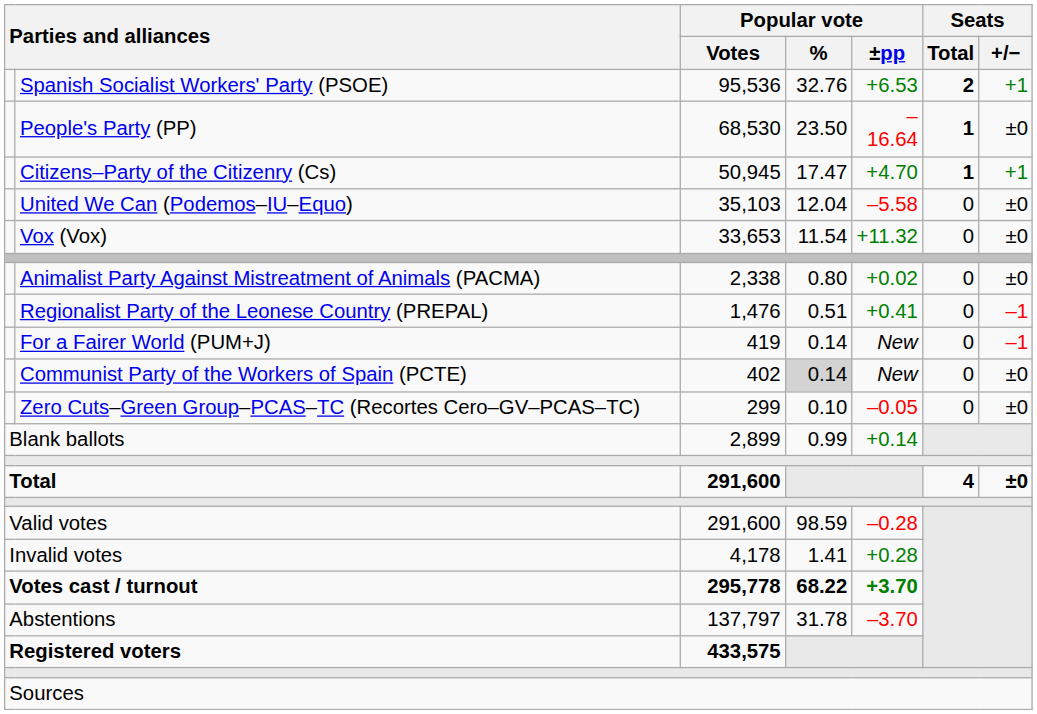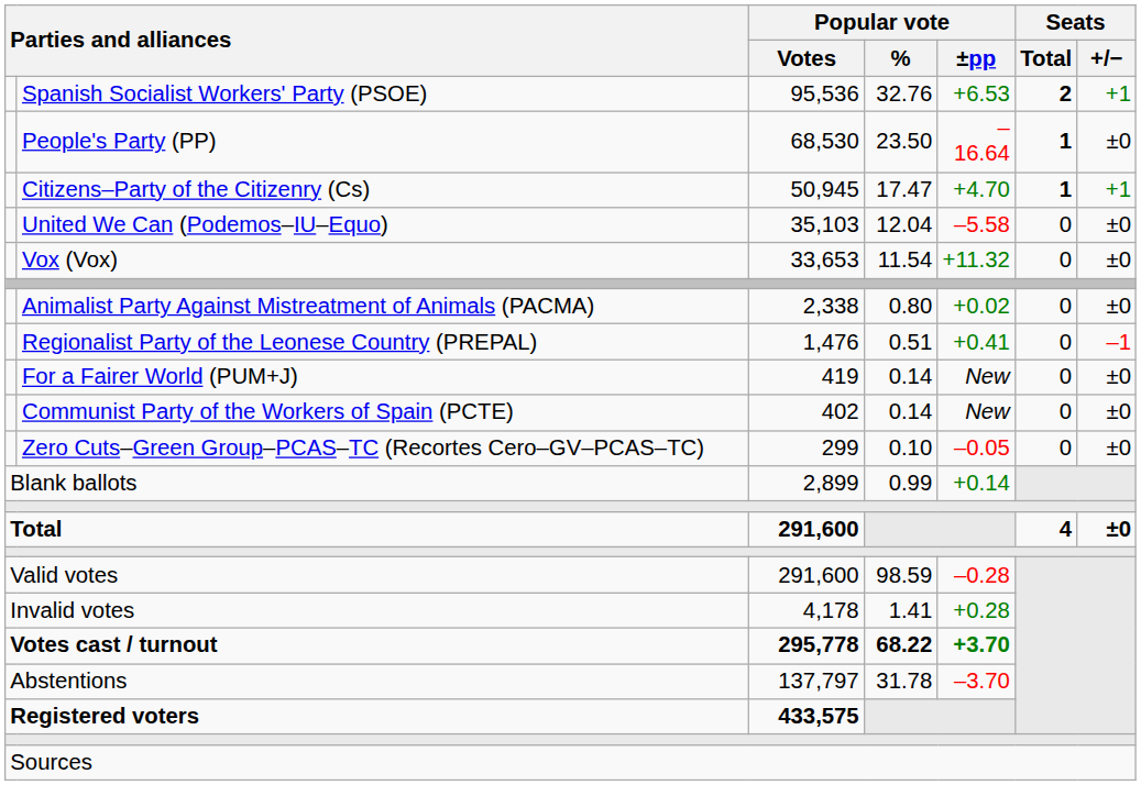 <table class="wikitable" style="text-align:right;">
 <tr>
 <th style="text-align:left;" rowspan="2" colspan="2" width="525">Parties and alliances</th>
 <th colspan="3">Popular vote</th>
 <th colspan="2">Seats</th>
 </tr>
 <tr>
 <th width="75">Votes</th>
 <th width="45">%</th>
 <th width="45">±<a href='#'>pp</a></th>
 <th width="35">Total</th>
 <th width="35">+/−</th>
 </tr>
 <tr>
 <td width="1" style="color:inherit;background:"></td>
 <td align="left"><a href='#'>Spanish Socialist Workers' Party</a> (PSOE)</td>
 <td>95,536</td>
 <td>32.76</td>
 <td style="color:green;">+6.53</td>
 <td><strong>2</strong></td>
 <td style="color:green;">+1</td>
 </tr>
 <tr>
 <td style="color:inherit;background:"></td>
 <td align="left"><a href='#'>People's Party</a> (PP)</td>
 <td>68,530</td>
 <td>23.50</td>
 <td style="color:red;">–16.64</td>
 <td><strong>1</strong></td>
 <td>±0</td>
 </tr>
 <tr>
 <td style="color:inherit;background:"></td>
 <td align="left"><a href='#'>Citizens–Party of the Citizenry</a> (Cs)</td>
 <td>50,945</td>
 <td>17.47</td>
 <td style="color:green;">+4.70</td>
 <td><strong>1</strong></td>
 <td style="color:green;">+1</td>
 </tr>
 <tr>
 <td style="color:inherit;background:"></td>
 <td align="left"><a href='#'>United We Can</a> (<a href='#'>Podemos</a>–<a href='#'>IU</a>–<a href='#'>Equo</a>)</td>
 <td>35,103</td>
 <td>12.04</td>
 <td style="color:red;">–5.58</td>
 <td>0</td>
 <td>±0</td>
 </tr>
 <tr>
 <td style="color:inherit;background:"></td>
 <td align="left"><a href='#'>Vox</a> (Vox)</td>
 <td>33,653</td>
 <td>11.54</td>
 <td style="color:green;">+11.32</td>
 <td>0</td>
 <td>±0</td>
 </tr>
 <tr>
 <td colspan="7" bgcolor="#C0C0C0"></td>
 </tr>
 <tr>
 <td style="color:inherit;background:"></td>
 <td align="left"><a href='#'>Animalist Party Against Mistreatment of Animals</a> (PACMA)</td>
 <td>2,338</td>
 <td>0.80</td>
 <td style="color:green;">+0.02</td>
 <td>0</td>
 <td>±0</td>
 </tr>
 <tr>
 <td style="color:inherit;background:"></td>
 <td align="left"><a href='#'>Regionalist Party of the Leonese Country</a> (PREPAL)</td>
 <td>1,476</td>
 <td>0.51</td>
 <td style="color:green;">+0.41</td>
 <td>0</td>
 <td style="color:red;">–1</td>
 </tr>
 <tr>
 <td style="color:inherit;background:"></td>
 <td align="left"><a href='#'>For a Fairer World</a> (PUM+J)</td>
 <td>419</td>
 <td>0.14</td>
 <td><em>New</em></td>
 <td>0</td>
-<td style="color:red;">–1</td>
+<td>±0</td>
 </tr>
 <tr>
 <td style="color:inherit;background:"></td>
 <td align="left"><a href='#'>Communist Party of the Workers of Spain</a> (PCTE)</td>
 <td>402</td>
-<td style="background: lightgrey;">0.14</td>
+<td>0.14</td>
 <td><em>New</em></td>
 <td>0</td>
 <td>±0</td>
 </tr>
 <tr>
 <td style="color:inherit;background:"></td>
 <td align="left"><a href='#'>Zero Cuts</a>–<a href='#'>Green Group</a>–<a href='#'>PCAS</a>–<a href='#'>TC</a> (Recortes Cero–GV–PCAS–TC)</td>
 <td>299</td>
 <td>0.10</td>
 <td style="color:red;">–0.05</td>
 <td>0</td>
 <td>±0</td>
 </tr>
 <tr>
 <td align="left" colspan="2">Blank ballots</td>
 <td>2,899</td>
 <td>0.99</td>
 <td style="color:green;">+0.14</td>
 <td bgcolor="#E9E9E9" colspan="2"></td>
 </tr>
 <tr>
 <td colspan="7" bgcolor="#E9E9E9"></td>
 </tr>
 <tr style="font-weight:bold;">
 <td align="left" colspan="2">Total</td>
 <td>291,600</td>
 <td bgcolor="#E9E9E9" colspan="2"></td>
 <td>4</td>
 <td>±0</td>
 </tr>
 <tr>
 <td colspan="7" bgcolor="#E9E9E9"></td>
 </tr>
 <tr>
 <td align="left" colspan="2">Valid votes</td>
 <td>291,600</td>
 <td>98.59</td>
 <td style="color:red;">–0.28</td>
 <td bgcolor="#E9E9E9" colspan="2" rowspan="5"></td>
 </tr>
 <tr>
 <td align="left" colspan="2">Invalid votes</td>
 <td>4,178</td>
 <td>1.41</td>
 <td style="color:green;">+0.28</td>
 </tr>
 <tr style="font-weight:bold;">
 <td align="left" colspan="2">Votes cast / turnout</td>
 <td>295,778</td>
 <td>68.22</td>
 <td style="color:green;">+3.70</td>
 </tr>
 <tr>
 <td align="left" colspan="2">Abstentions</td>
 <td>137,797</td>
 <td>31.78</td>
 <td style="color:red;">–3.70</td>
 </tr>
 <tr style="font-weight:bold;">
 <td align="left" colspan="2">Registered voters</td>
 <td>433,575</td>
 <td bgcolor="#E9E9E9" colspan="2"></td>
 </tr>
 <tr>
 <td colspan="7" bgcolor="#E9E9E9"></td>
 </tr>
 <tr>
 <td align="left" colspan="7">Sources</td>
 </tr>
 </table>
